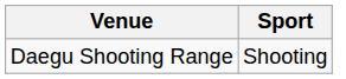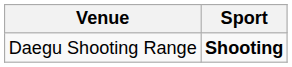 <table class=wikitable>
 <tr>
 <th>Venue</th>
 <th>Sport</th>
 </tr>
 <tr>
 <td>Daegu Shooting Range</td>
-<td>Shooting</td>
+<td><strong>Shooting</strong></td>
 </tr>
 </table>
